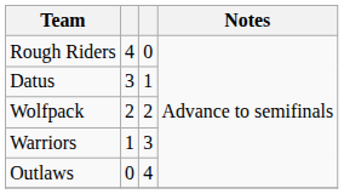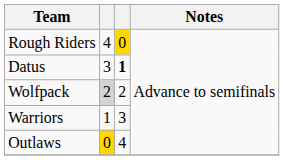 <table class="wikitable" style="text-align: center">
 <tr>
 <th>Team</th>
 <th></th>
 <th></th>
 <th>Notes</th>
 </tr>
 <tr>
 <td align=left>Rough Riders</td>
 <td>4</td>
-<td>0</td>
+<td style="background: gold;">0</td>
 <td rowspan=5>Advance to semifinals</td>
 </tr>
 <tr>
 <td align=left>Datus</td>
 <td>3</td>
-<td>1</td>
+<td><strong>1</strong></td>
 </tr>
 <tr>
 <td align=left>Wolfpack</td>
-<td>2</td>
+<td style="background: lightgrey;">2</td>
 <td>2</td>
 </tr>
 <tr>
 <td align=left>Warriors</td>
 <td>1</td>
 <td>3</td>
 </tr>
 <tr>
 <td align=left>Outlaws</td>
-<td>0</td>
+<td style="background: gold;">0</td>
 <td>4</td>
 </tr>
 <tr>
 </tr>
 </table>
